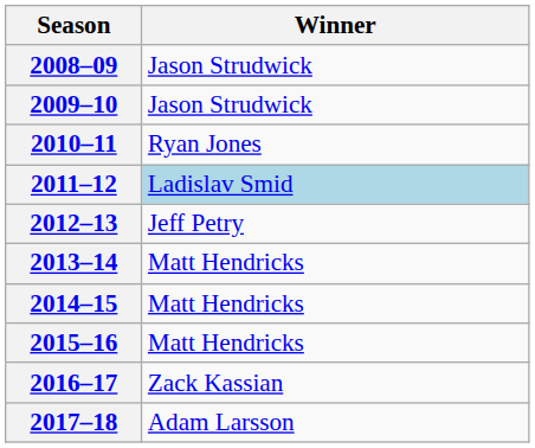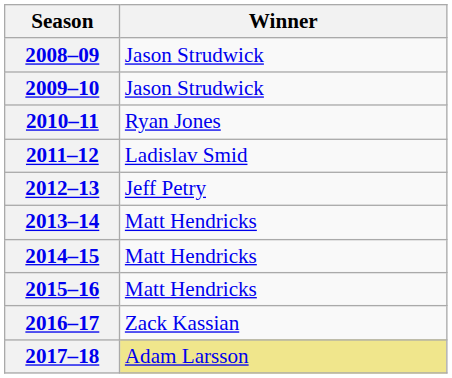 <table class="wikitable">
 <tr>
 <th scope="col" style="width:5em">Season</th>
 <th scope="col" style="width:15em">Winner</th>
 </tr>
 <tr>
 <th scope="row"><a href='#'>2008–09</a></th>
 <td><a href='#'>Jason Strudwick</a></td>
 </tr>
 <tr>
 <th scope="row"><a href='#'>2009–10</a></th>
 <td><a href='#'>Jason Strudwick</a></td>
 </tr>
 <tr>
 <th scope="row"><a href='#'>2010–11</a></th>
 <td><a href='#'>Ryan Jones</a></td>
 </tr>
 <tr>
 <th scope="row"><a href='#'>2011–12</a></th>
-<td style="background: lightblue;"><a href='#'>Ladislav Smid</a></td>
+<td><a href='#'>Ladislav Smid</a></td>
 </tr>
 <tr>
 <th scope="row"><a href='#'>2012–13</a></th>
 <td><a href='#'>Jeff Petry</a></td>
 </tr>
 <tr>
 <th scope="row"><a href='#'>2013–14</a></th>
 <td><a href='#'>Matt Hendricks</a></td>
 </tr>
 <tr>
 <th scope="row"><a href='#'>2014–15</a></th>
 <td><a href='#'>Matt Hendricks</a></td>
 </tr>
 <tr>
 <th scope="row"><a href='#'>2015–16</a></th>
 <td><a href='#'>Matt Hendricks</a></td>
 </tr>
 <tr>
 <th scope="row"><a href='#'>2016–17</a></th>
 <td><a href='#'>Zack Kassian</a></td>
 </tr>
 <tr>
 <th scope="row"><a href='#'>2017–18</a></th>
-<td><a href='#'>Adam Larsson</a></td>
+<td style="background: khaki;"><a href='#'>Adam Larsson</a></td>
 </tr>
 </table>
